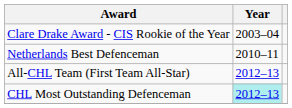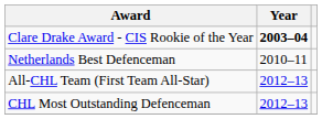 <table class="wikitable">
 <tr>
 <th>Award</th>
 <th>Year</th>
 <th></th>
 </tr>
 <tr>
 <td><a href='#'>Clare Drake Award</a> - <a href='#'>CIS</a> Rookie of the Year</td>
-<td>2003–04</td>
+<td><strong>2003–04</strong></td>
 <td></td>
 </tr>
 <tr>
 <td><a href='#'>Netherlands</a> Best Defenceman</td>
 <td>2010–11</td>
 <td></td>
 </tr>
 <tr>
 <td>All-<a href='#'>CHL</a> Team (First Team All-Star)</td>
 <td><a href='#'>2012–13</a></td>
 <td></td>
 </tr>
 <tr>
 <td><a href='#'>CHL</a> Most Outstanding Defenceman</td>
-<td style="background: paleturquoise;"><a href='#'>2012–13</a></td>
+<td><a href='#'>2012–13</a></td>
 <td></td>
 </tr>
 <tr>
 </tr>
 </table>
